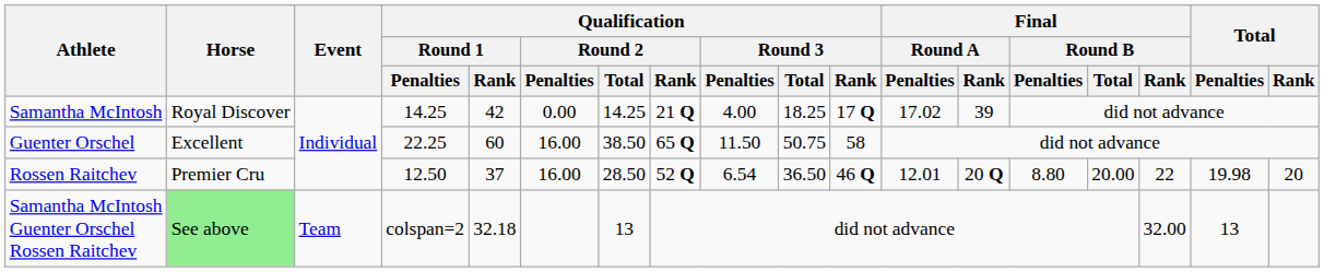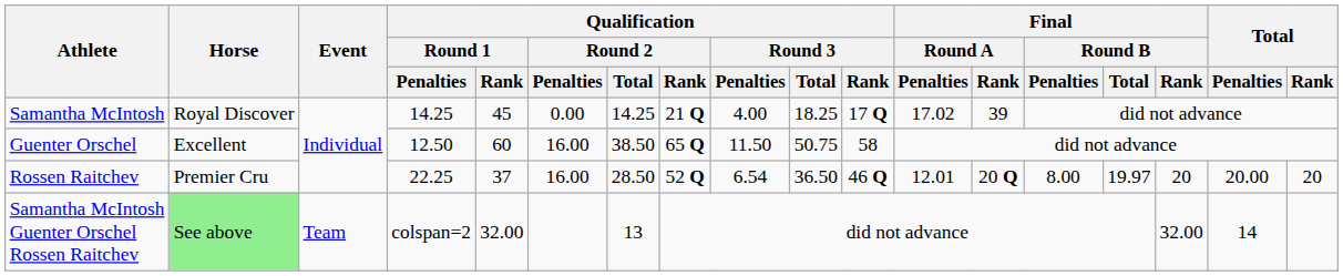 <table class="wikitable" style="font-size:90%">
 <tr>
 <th rowspan="3">Athlete</th>
 <th rowspan="3">Horse</th>
 <th rowspan="3">Event</th>
 <th colspan="8">Qualification</th>
 <th colspan="5">Final</th>
 <th rowspan=2 colspan="2">Total</th>
 </tr>
 <tr style="font-size:95%">
 <th colspan="2">Round 1</th>
 <th colspan="3">Round 2</th>
 <th colspan="3">Round 3</th>
 <th colspan="2">Round A</th>
 <th colspan="3">Round B</th>
 </tr>
 <tr style="font-size:95%">
 <th>Penalties</th>
 <th>Rank</th>
 <th>Penalties</th>
 <th>Total</th>
 <th>Rank</th>
 <th>Penalties</th>
 <th>Total</th>
 <th>Rank</th>
 <th>Penalties</th>
 <th>Rank</th>
 <th>Penalties</th>
 <th>Total</th>
 <th>Rank</th>
 <th>Penalties</th>
 <th>Rank</th>
 </tr>
 <tr align=center>
 <td align=left><a href='#'>Samantha McIntosh</a></td>
 <td align=left>Royal Discover</td>
 <td align=left rowspan=3><a href='#'>Individual</a></td>
 <td>14.25</td>
-<td>42</td>
+<td>45</td>
 <td>0.00</td>
 <td>14.25</td>
 <td>21 <strong>Q</strong></td>
 <td>4.00</td>
 <td>18.25</td>
 <td>17 <strong>Q</strong></td>
 <td>17.02</td>
 <td>39</td>
 <td colspan=5>did not advance</td>
 </tr>
 <tr align=center>
 <td align=left><a href='#'>Guenter Orschel</a></td>
 <td align=left>Excellent</td>
-<td>22.25</td>
+<td>12.50</td>
 <td>60</td>
 <td>16.00</td>
 <td>38.50</td>
 <td>65 <strong>Q</strong></td>
 <td>11.50</td>
 <td>50.75</td>
 <td>58</td>
 <td colspan=7>did not advance</td>
 </tr>
 <tr align=center>
 <td align=left><a href='#'>Rossen Raitchev</a></td>
 <td align=left>Premier Cru</td>
-<td>12.50</td>
+<td>22.25</td>
 <td>37</td>
 <td>16.00</td>
 <td>28.50</td>
 <td>52 <strong>Q</strong></td>
 <td>6.54</td>
 <td>36.50</td>
 <td>46 <strong>Q</strong></td>
 <td>12.01</td>
 <td>20 <strong>Q</strong></td>
-<td>8.80</td>
+<td>8.00</td>
+<td>19.97</td>
+<td>20</td>
 <td>20.00</td>
-<td>22</td>
-<td>19.98</td>
 <td>20</td>
 </tr>
 <tr align=center>
 <td align=left><a href='#'>Samantha McIntosh</a><br> <a href='#'>Guenter Orschel</a><br> <a href='#'>Rossen Raitchev</a></td>
 <td align=left style="background: lightgreen;">See above</td>
 <td align=left><a href='#'>Team</a></td>
 <td>colspan=2 </td>
-<td>32.18</td>
+<td>32.00</td>
 <td></td>
 <td>13</td>
 <td colspan=8>did not advance</td>
 <td>32.00</td>
-<td>13</td>
+<td>14</td>
 </tr>
 </table>
